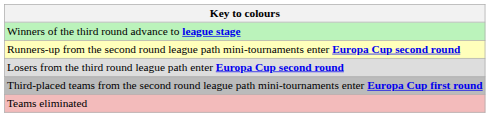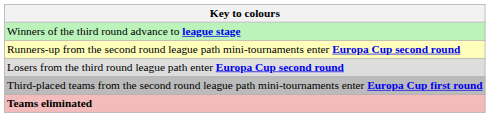 <table class="wikitable">
 <tr>
 <th>Key to colours</th>
 </tr>
 <tr bgcolor=#BBF3BB>
 <td>Winners of the third round advance to <strong><a href='#'>league stage</a></strong></td>
 </tr>
 <tr bgcolor=#FFFFBB>
 <td>Runners-up from the second round league path mini-tournaments enter <strong><a href='#'>Europa Cup second round</a></strong></td>
 </tr>
 <tr bgcolor=#DDDDDD>
 <td>Losers from the third round league path enter <strong><a href='#'>Europa Cup second round</a></strong></td>
 </tr>
 <tr bgcolor=#BBBBBB>
 <td>Third-placed teams from the second round league path mini-tournaments enter <strong><a href='#'>Europa Cup first round</a></strong></td>
 </tr>
 <tr bgcolor=#F3BBBB>
-<td>Teams eliminated</td>
+<td><strong>Teams eliminated</strong></td>
 </tr>
 </table>
